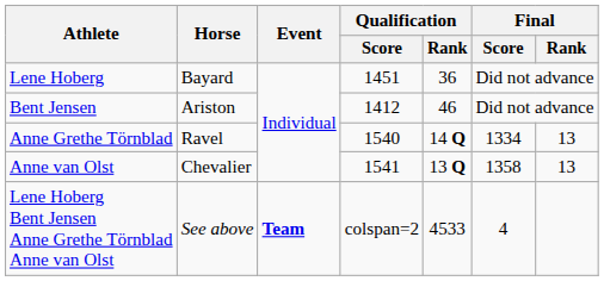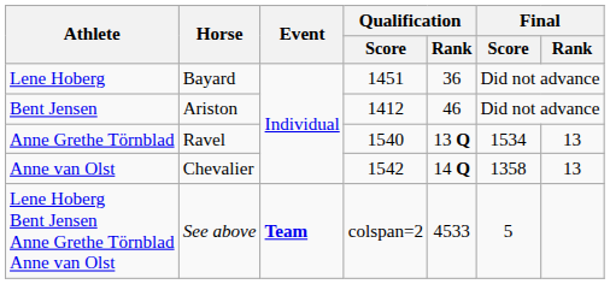 <table class=wikitable style="font-size:90%">
 <tr>
 <th rowspan="2">Athlete</th>
 <th rowspan="2">Horse</th>
 <th rowspan="2">Event</th>
 <th colspan="2">Qualification</th>
 <th colspan="2">Final</th>
 </tr>
 <tr style="font-size:95%">
 <th>Score</th>
 <th>Rank</th>
 <th>Score</th>
 <th>Rank</th>
 </tr>
 <tr align=center>
 <td align=left><a href='#'>Lene Hoberg</a></td>
 <td align=left>Bayard</td>
 <td align=left rowspan=4><a href='#'>Individual</a></td>
 <td>1451</td>
 <td>36</td>
 <td colspan=2>Did not advance</td>
 </tr>
 <tr align=center>
 <td align=left><a href='#'>Bent Jensen</a></td>
 <td align=left>Ariston</td>
 <td>1412</td>
 <td>46</td>
 <td colspan=2>Did not advance</td>
 </tr>
 <tr align=center>
 <td align=left><a href='#'>Anne Grethe Törnblad</a></td>
 <td align=left>Ravel</td>
 <td>1540</td>
-<td>14 <strong>Q</strong></td>
-<td>1334</td>
+<td>13 <strong>Q</strong></td>
+<td>1534</td>
 <td>13</td>
 </tr>
 <tr align=center>
 <td align=left><a href='#'>Anne van Olst</a></td>
 <td align=left>Chevalier</td>
-<td>1541</td>
-<td>13 <strong>Q</strong></td>
+<td>1542</td>
+<td>14 <strong>Q</strong></td>
 <td>1358</td>
 <td>13</td>
 </tr>
 <tr align=center>
 <td align=left><a href='#'>Lene Hoberg</a><br><a href='#'>Bent Jensen</a><br><a href='#'>Anne Grethe Törnblad</a><br><a href='#'>Anne van Olst</a></td>
 <td align=left><em>See above</em></td>
 <td align=left><strong><a href='#'>Team</a></strong></td>
 <td>colspan=2</td>
 <td>4533</td>
-<td>4</td>
+<td>5</td>
 </tr>
 </table>
